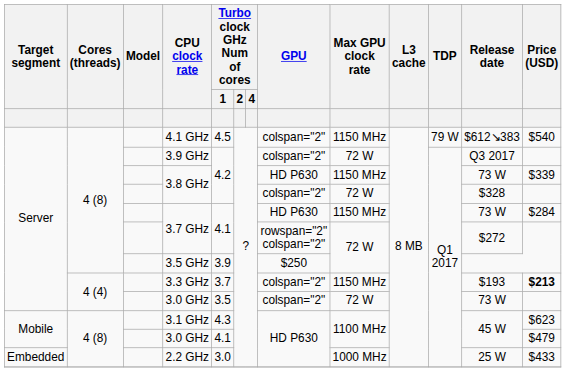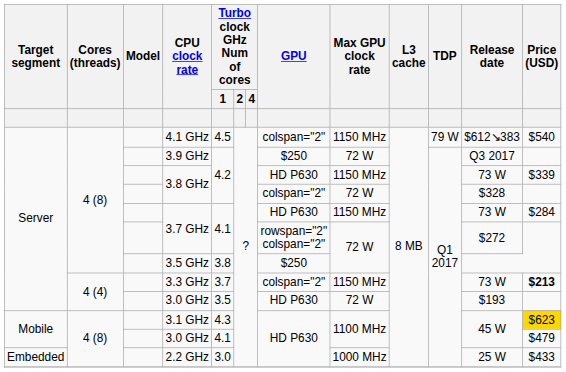 <table class="wikitable sortable hover-highlight" style="text-align: center;">
 <tr>
 <th rowspan="2">Target <br>segment</th>
 <th rowspan="2">Cores<br>(threads)</th>
 <th rowspan="2">Model</th>
 <th rowspan="2">CPU<br><a href='#'>clock<br>rate</a></th>
 <th colspan="3"><a href='#'>Turbo</a> clock GHz<br>Num of cores</th>
 <th rowspan="2"><a href='#'>GPU</a></th>
 <th rowspan="2">Max GPU<br>clock rate</th>
 <th rowspan="2">L3<br>cache</th>
 <th rowspan="2">TDP</th>
 <th rowspan="2">Release<br>date</th>
 <th rowspan="2">Price<br>(USD)</th>
 </tr>
 <tr>
 <th>1</th>
 <th>2</th>
 <th>4</th>
 </tr>
 <tr>
 <th style="background-position:center"><br></th>
 <th style="background-position:center"></th>
 <th style="background-position:center"></th>
 <th style="background-position:center"></th>
 <th style="background-position:center"></th>
 <th style="background-position:center"></th>
 <th style="background-position:center"></th>
 <th style="background-position:center"></th>
 <th style="background-position:center"></th>
 <th style="background-position:center"></th>
 <th style="background-position:center"></th>
 <th style="background-position:center"></th>
 <th style="background-position:center"></th>
 </tr>
 <tr>
 <td rowspan="9">Server</td>
 <td rowspan="7">4 (8)</td>
 <td></td>
 <td>4.1 GHz</td>
 <td>4.5</td>
 <td colspan="2" rowspan="12">?</td>
 <td>colspan="2" </td>
 <td>1150 MHz</td>
 <td rowspan="12">8 MB</td>
 <td>79 W</td>
 <td>$612↘383</td>
 <td>$540</td>
 </tr>
 <tr>
 <td></td>
 <td>3.9 GHz</td>
 <td rowspan="3">4.2</td>
-<td>colspan="2" </td>
+<td>$250</td>
 <td>72 W</td>
 <td rowspan="11">Q1 2017</td>
 <td>Q3 2017</td>
 </tr>
 <tr>
 <td></td>
 <td rowspan="2">3.8 GHz</td>
 <td>HD P630</td>
 <td>1150 MHz</td>
 <td>73 W</td>
 <td>$339</td>
 </tr>
 <tr>
 <td></td>
 <td>colspan="2" </td>
 <td>72 W</td>
 <td>$328</td>
 </tr>
 <tr>
 <td></td>
 <td rowspan="2">3.7 GHz</td>
 <td rowspan="2">4.1</td>
 <td>HD P630</td>
 <td>1150 MHz</td>
 <td>73 W</td>
 <td>$284</td>
 </tr>
 <tr>
 <td></td>
 <td>rowspan="2"  colspan="2" </td>
 <td rowspan="2">72 W</td>
 <td>$272</td>
 </tr>
 <tr>
 <td></td>
 <td>3.5 GHz</td>
-<td>3.9</td>
+<td>3.8</td>
 <td>$250</td>
 </tr>
 <tr>
 <td rowspan="2">4 (4)</td>
 <td></td>
 <td>3.3 GHz</td>
 <td>3.7</td>
 <td>colspan="2" </td>
 <td>1150 MHz</td>
-<td>$193</td>
+<td>73 W</td>
 <td><strong>$213</strong></td>
 </tr>
 <tr>
 <td></td>
 <td>3.0 GHz</td>
 <td>3.5</td>
-<td>colspan="2" </td>
+<td>HD P630</td>
 <td>72 W</td>
-<td>73 W</td>
+<td>$193</td>
 </tr>
 <tr>
 <td rowspan="2">Mobile</td>
 <td rowspan="3">4 (8)</td>
 <td></td>
 <td>3.1 GHz</td>
 <td>4.3</td>
 <td rowspan="3">HD P630</td>
 <td rowspan="2">1100 MHz</td>
 <td rowspan="2">45 W</td>
-<td>$623</td>
+<td style="background: gold;">$623</td>
 </tr>
 <tr>
 <td></td>
 <td>3.0 GHz</td>
 <td>4.1</td>
 <td>$479</td>
 </tr>
 <tr>
 <td>Embedded</td>
 <td></td>
 <td>2.2 GHz</td>
 <td>3.0</td>
 <td>1000 MHz</td>
 <td>25 W</td>
 <td>$433</td>
 </tr>
 <tr>
 </tr>
 </table>
